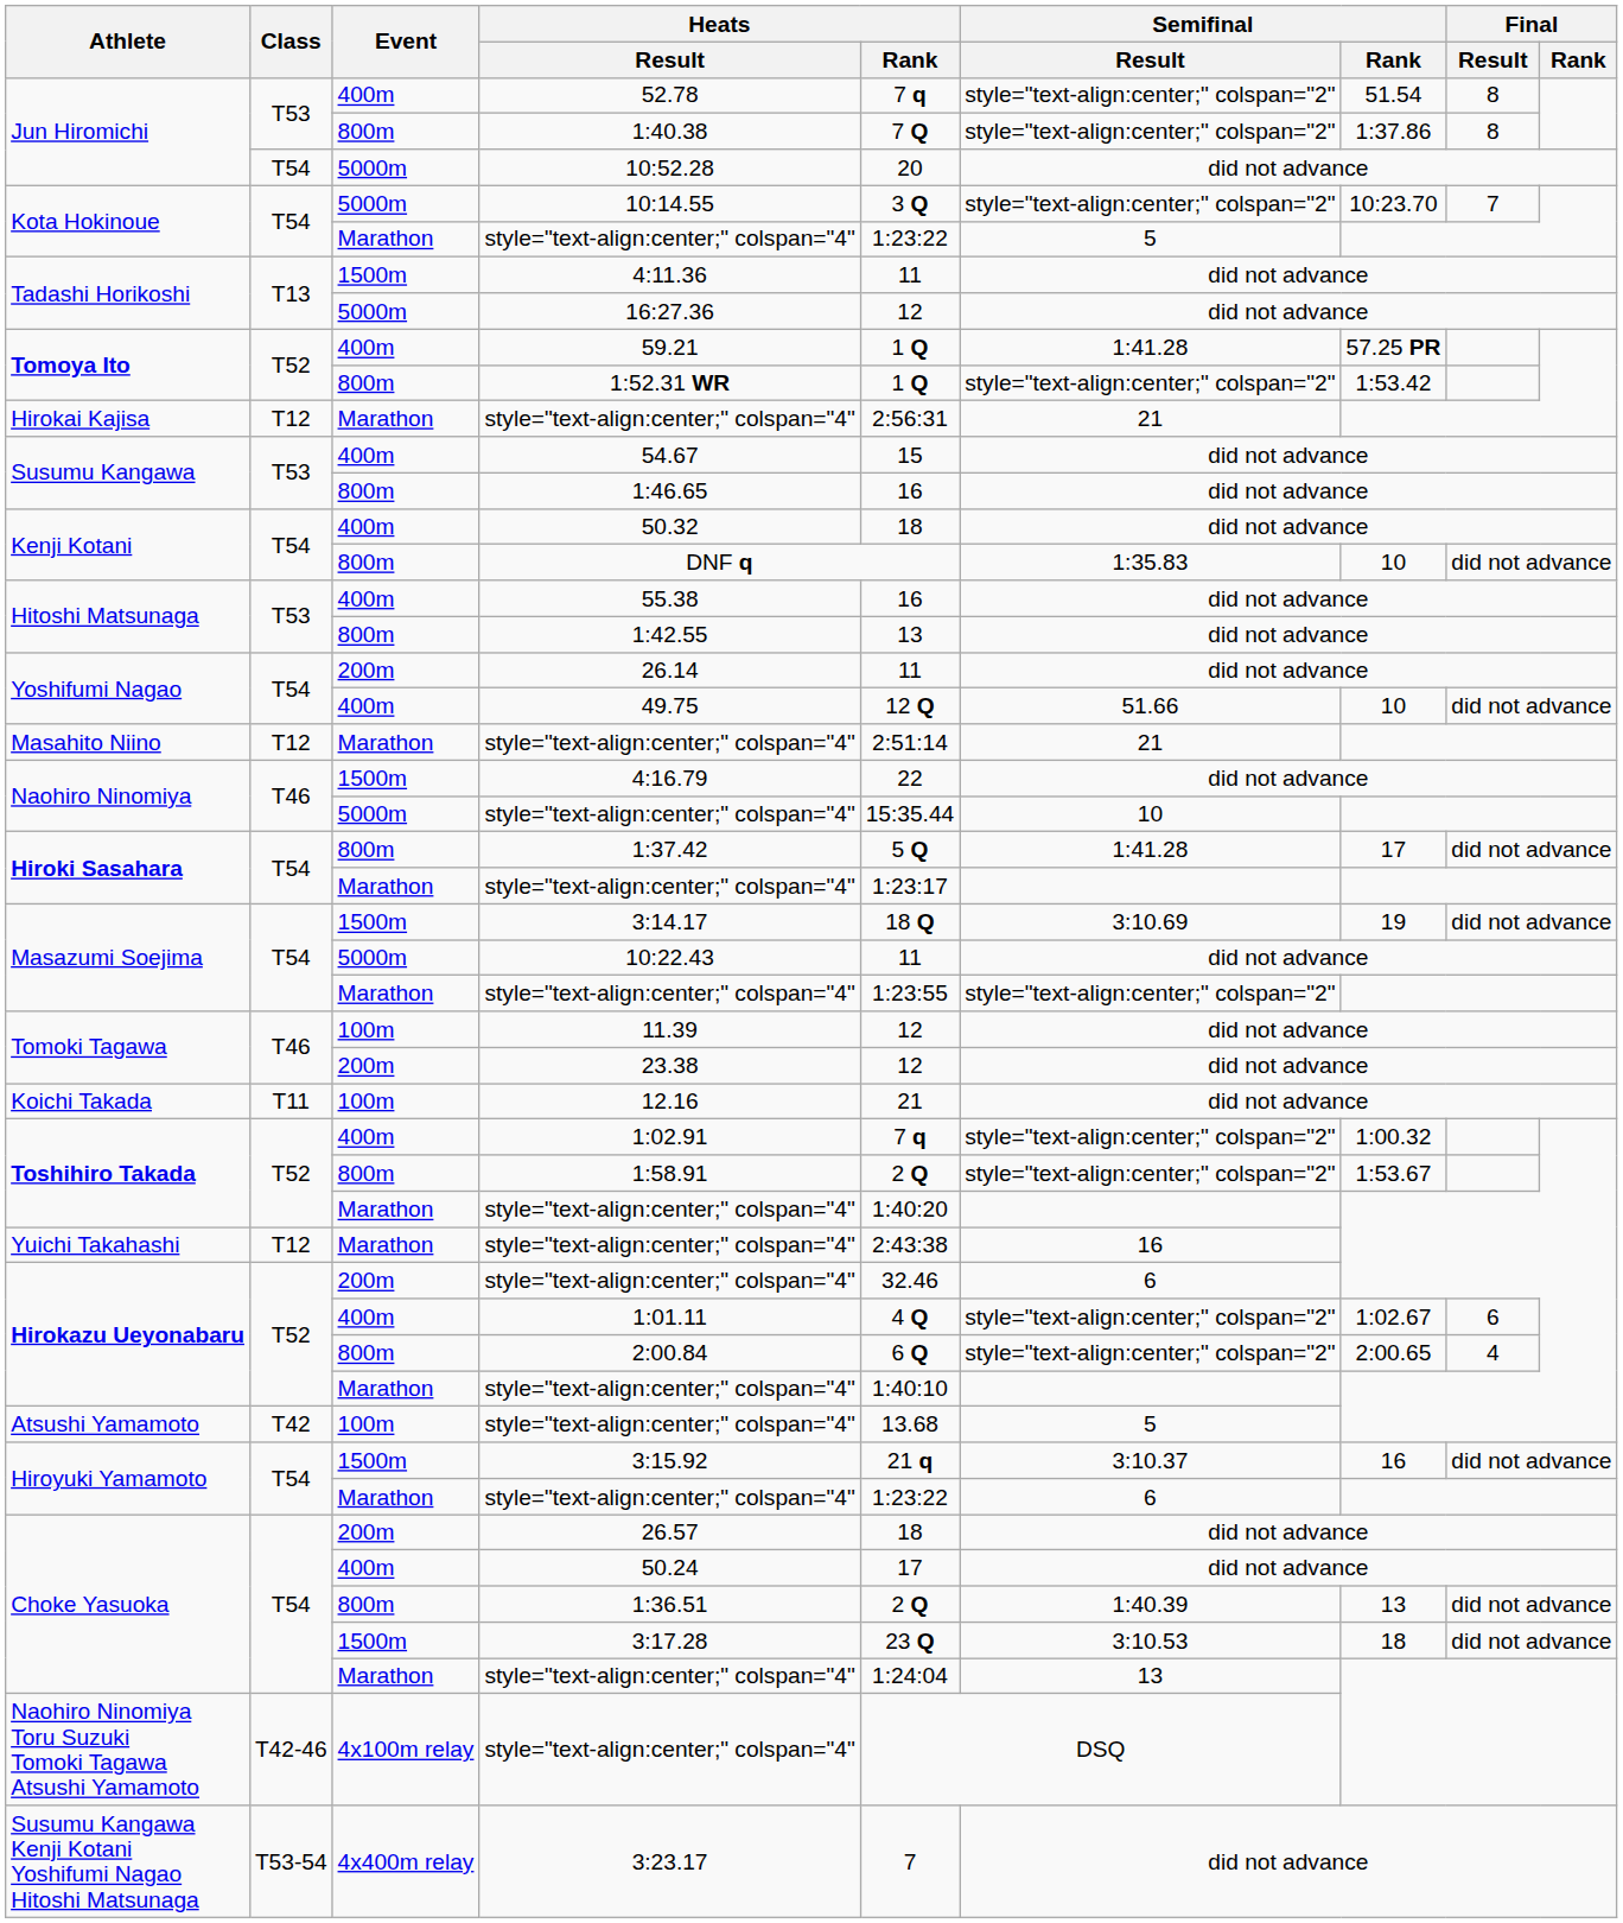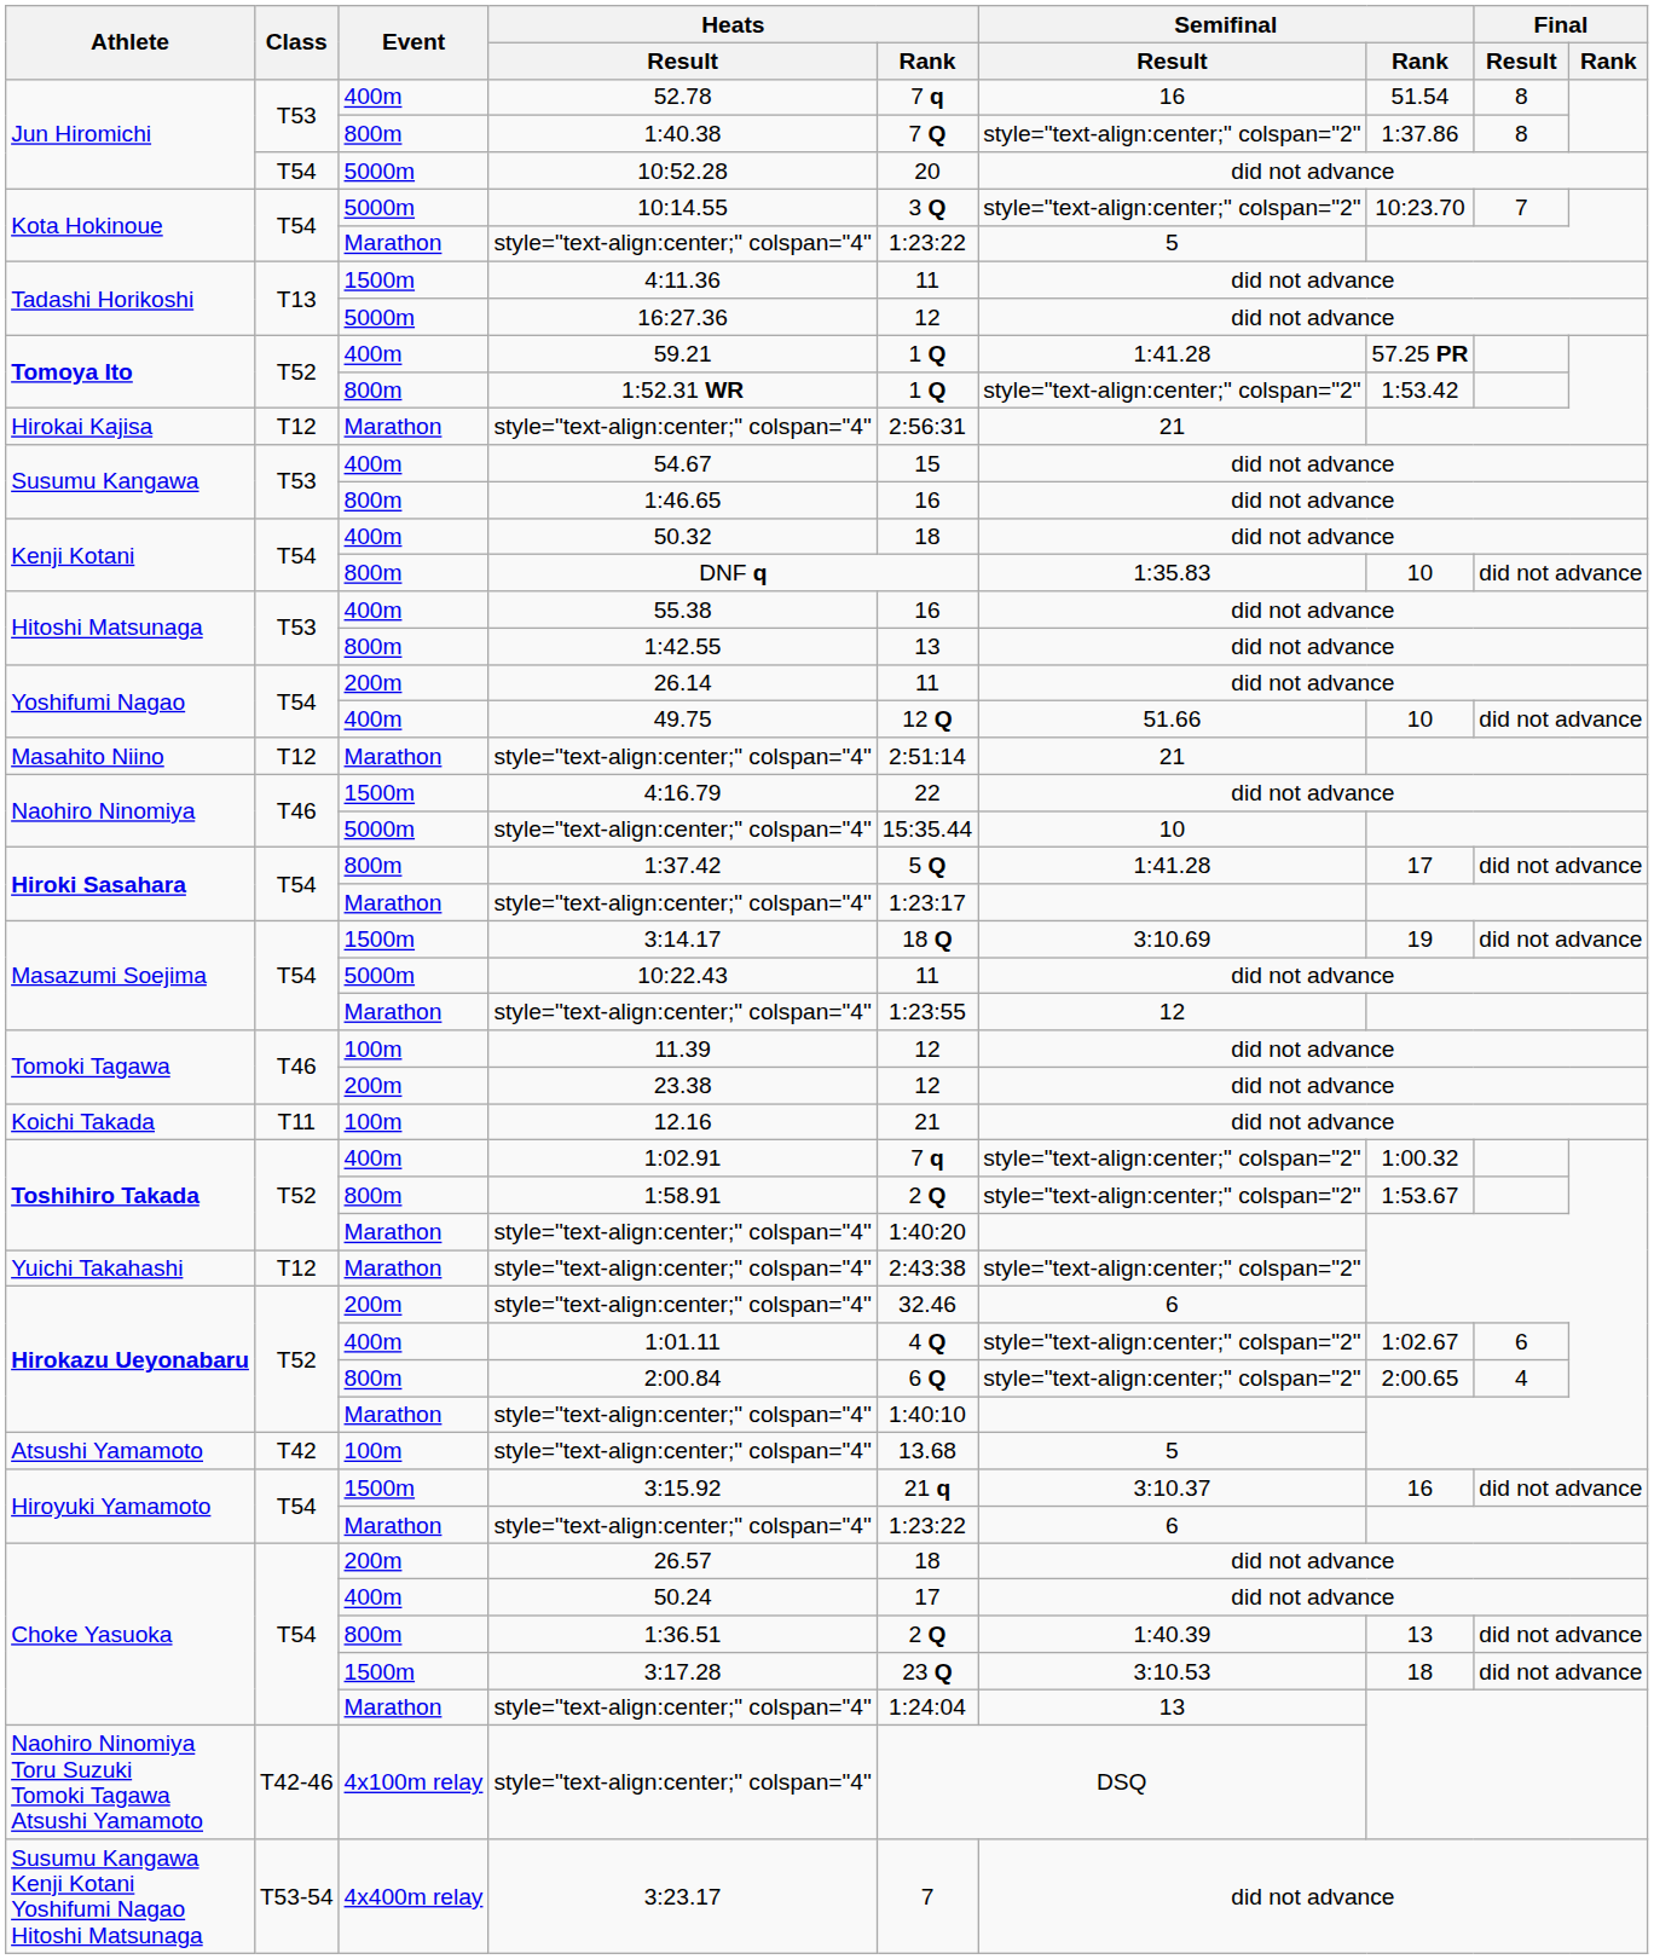 <table class=wikitable style="font-size:90%">
 <tr>
 <th rowspan="2">Athlete</th>
 <th rowspan="2">Class</th>
 <th rowspan="2">Event</th>
 <th colspan="2">Heats</th>
 <th colspan="2">Semifinal</th>
 <th colspan="2">Final</th>
 </tr>
 <tr>
 <th>Result</th>
 <th>Rank</th>
 <th>Result</th>
 <th>Rank</th>
 <th>Result</th>
 <th>Rank</th>
 </tr>
 <tr>
 <td rowspan="3"><a href='#'>Jun Hiromichi</a></td>
 <td rowspan="2" style="text-align:center;">T53</td>
 <td><a href='#'>400m</a></td>
 <td style="text-align:center;">52.78</td>
 <td style="text-align:center;">7 <strong>q</strong></td>
-<td>style="text-align:center;" colspan="2" </td>
+<td style="text-align:center;">16</td>
 <td style="text-align:center;">51.54</td>
 <td style="text-align:center;">8</td>
 </tr>
 <tr>
 <td><a href='#'>800m</a></td>
 <td style="text-align:center;">1:40.38</td>
 <td style="text-align:center;">7 <strong>Q</strong></td>
 <td>style="text-align:center;" colspan="2" </td>
 <td style="text-align:center;">1:37.86</td>
 <td style="text-align:center;">8</td>
 </tr>
 <tr>
 <td style="text-align:center;">T54</td>
 <td><a href='#'>5000m</a></td>
 <td style="text-align:center;">10:52.28</td>
 <td style="text-align:center;">20</td>
 <td style="text-align:center;" colspan="4">did not advance</td>
 </tr>
 <tr>
 <td rowspan="2"><a href='#'>Kota Hokinoue</a></td>
 <td rowspan="2" style="text-align:center;">T54</td>
 <td><a href='#'>5000m</a></td>
 <td style="text-align:center;">10:14.55</td>
 <td style="text-align:center;">3 <strong>Q</strong></td>
 <td>style="text-align:center;" colspan="2" </td>
 <td style="text-align:center;">10:23.70</td>
 <td style="text-align:center;">7</td>
 </tr>
 <tr>
 <td><a href='#'>Marathon</a></td>
 <td>style="text-align:center;" colspan="4" </td>
 <td style="text-align:center;">1:23:22</td>
 <td style="text-align:center;">5</td>
 </tr>
 <tr>
 <td rowspan="2"><a href='#'>Tadashi Horikoshi</a></td>
 <td rowspan="2" style="text-align:center;">T13</td>
 <td><a href='#'>1500m</a></td>
 <td style="text-align:center;">4:11.36</td>
 <td style="text-align:center;">11</td>
 <td style="text-align:center;" colspan="4">did not advance</td>
 </tr>
 <tr>
 <td><a href='#'>5000m</a></td>
 <td style="text-align:center;">16:27.36</td>
 <td style="text-align:center;">12</td>
 <td style="text-align:center;" colspan="4">did not advance</td>
 </tr>
 <tr>
 <td rowspan="2"><strong><a href='#'>Tomoya Ito</a></strong></td>
 <td rowspan="2" style="text-align:center;">T52</td>
 <td><a href='#'>400m</a></td>
 <td style="text-align:center;">59.21</td>
 <td style="text-align:center;">1 <strong>Q</strong></td>
 <td style="text-align:center;">1:41.28</td>
 <td style="text-align:center;">57.25 <strong>PR</strong></td>
 <td style="text-align:center;"></td>
 </tr>
 <tr>
 <td><a href='#'>800m</a></td>
 <td style="text-align:center;">1:52.31 <strong>WR</strong></td>
 <td style="text-align:center;">1 <strong>Q</strong></td>
 <td>style="text-align:center;" colspan="2" </td>
 <td style="text-align:center;">1:53.42</td>
 <td style="text-align:center;"></td>
 </tr>
 <tr>
 <td><a href='#'>Hirokai Kajisa</a></td>
 <td style="text-align:center;">T12</td>
 <td><a href='#'>Marathon</a></td>
 <td>style="text-align:center;" colspan="4" </td>
 <td style="text-align:center;">2:56:31</td>
 <td style="text-align:center;">21</td>
 </tr>
 <tr>
 <td rowspan="2"><a href='#'>Susumu Kangawa</a></td>
 <td rowspan="2" style="text-align:center;">T53</td>
 <td><a href='#'>400m</a></td>
 <td style="text-align:center;">54.67</td>
 <td style="text-align:center;">15</td>
 <td style="text-align:center;" colspan="4">did not advance</td>
 </tr>
 <tr>
 <td><a href='#'>800m</a></td>
 <td style="text-align:center;">1:46.65</td>
 <td style="text-align:center;">16</td>
 <td style="text-align:center;" colspan="4">did not advance</td>
 </tr>
 <tr>
 <td rowspan="2"><a href='#'>Kenji Kotani</a></td>
 <td rowspan="2" style="text-align:center;">T54</td>
 <td><a href='#'>400m</a></td>
 <td style="text-align:center;">50.32</td>
 <td style="text-align:center;">18</td>
 <td style="text-align:center;" colspan="4">did not advance</td>
 </tr>
 <tr>
 <td><a href='#'>800m</a></td>
 <td style="text-align:center;" colspan="2">DNF <strong>q</strong></td>
 <td style="text-align:center;">1:35.83</td>
 <td style="text-align:center;">10</td>
 <td style="text-align:center;" colspan="2">did not advance</td>
 </tr>
 <tr>
 <td rowspan="2"><a href='#'>Hitoshi Matsunaga</a></td>
 <td rowspan="2" style="text-align:center;">T53</td>
 <td><a href='#'>400m</a></td>
 <td style="text-align:center;">55.38</td>
 <td style="text-align:center;">16</td>
 <td style="text-align:center;" colspan="4">did not advance</td>
 </tr>
 <tr>
 <td><a href='#'>800m</a></td>
 <td style="text-align:center;">1:42.55</td>
 <td style="text-align:center;">13</td>
 <td style="text-align:center;" colspan="4">did not advance</td>
 </tr>
 <tr>
 <td rowspan="2"><a href='#'>Yoshifumi Nagao</a></td>
 <td rowspan="2" style="text-align:center;">T54</td>
 <td><a href='#'>200m</a></td>
 <td style="text-align:center;">26.14</td>
 <td style="text-align:center;">11</td>
 <td style="text-align:center;" colspan="4">did not advance</td>
 </tr>
 <tr>
 <td><a href='#'>400m</a></td>
 <td style="text-align:center;">49.75</td>
 <td style="text-align:center;">12 <strong>Q</strong></td>
 <td style="text-align:center;">51.66</td>
 <td style="text-align:center;">10</td>
 <td style="text-align:center;" colspan="2">did not advance</td>
 </tr>
 <tr>
 <td><a href='#'>Masahito Niino</a></td>
 <td style="text-align:center;">T12</td>
 <td><a href='#'>Marathon</a></td>
 <td>style="text-align:center;" colspan="4" </td>
 <td style="text-align:center;">2:51:14</td>
 <td style="text-align:center;">21</td>
 </tr>
 <tr>
 <td rowspan="2"><a href='#'>Naohiro Ninomiya</a></td>
 <td rowspan="2" style="text-align:center;">T46</td>
 <td><a href='#'>1500m</a></td>
 <td style="text-align:center;">4:16.79</td>
 <td style="text-align:center;">22</td>
 <td style="text-align:center;" colspan="4">did not advance</td>
 </tr>
 <tr>
 <td><a href='#'>5000m</a></td>
 <td>style="text-align:center;" colspan="4" </td>
 <td style="text-align:center;">15:35.44</td>
 <td style="text-align:center;">10</td>
 </tr>
 <tr>
 <td rowspan="2"><strong><a href='#'>Hiroki Sasahara</a></strong></td>
 <td rowspan="2" style="text-align:center;">T54</td>
 <td><a href='#'>800m</a></td>
 <td style="text-align:center;">1:37.42</td>
 <td style="text-align:center;">5 <strong>Q</strong></td>
 <td style="text-align:center;">1:41.28</td>
 <td style="text-align:center;">17</td>
 <td style="text-align:center;" colspan="2">did not advance</td>
 </tr>
 <tr>
 <td><a href='#'>Marathon</a></td>
 <td>style="text-align:center;" colspan="4" </td>
 <td style="text-align:center;">1:23:17</td>
 <td style="text-align:center;"></td>
 </tr>
 <tr>
 <td rowspan="3"><a href='#'>Masazumi Soejima</a></td>
 <td rowspan="3" style="text-align:center;">T54</td>
 <td><a href='#'>1500m</a></td>
 <td style="text-align:center;">3:14.17</td>
 <td style="text-align:center;">18 <strong>Q</strong></td>
 <td style="text-align:center;">3:10.69</td>
 <td style="text-align:center;">19</td>
 <td style="text-align:center;" colspan="2">did not advance</td>
 </tr>
 <tr>
 <td><a href='#'>5000m</a></td>
 <td style="text-align:center;">10:22.43</td>
 <td style="text-align:center;">11</td>
 <td style="text-align:center;" colspan="4">did not advance</td>
 </tr>
 <tr>
 <td><a href='#'>Marathon</a></td>
 <td>style="text-align:center;" colspan="4" </td>
 <td style="text-align:center;">1:23:55</td>
-<td>style="text-align:center;" colspan="2" </td>
+<td style="text-align:center;">12</td>
 </tr>
 <tr>
 <td rowspan="2"><a href='#'>Tomoki Tagawa</a></td>
 <td rowspan="2" style="text-align:center;">T46</td>
 <td><a href='#'>100m</a></td>
 <td style="text-align:center;">11.39</td>
 <td style="text-align:center;">12</td>
 <td style="text-align:center;" colspan="4">did not advance</td>
 </tr>
 <tr>
 <td><a href='#'>200m</a></td>
 <td style="text-align:center;">23.38</td>
 <td style="text-align:center;">12</td>
 <td style="text-align:center;" colspan="4">did not advance</td>
 </tr>
 <tr>
 <td><a href='#'>Koichi Takada</a></td>
 <td style="text-align:center;">T11</td>
 <td><a href='#'>100m</a></td>
 <td style="text-align:center;">12.16</td>
 <td style="text-align:center;">21</td>
 <td style="text-align:center;" colspan="4">did not advance</td>
 </tr>
 <tr>
 <td rowspan="3"><strong><a href='#'>Toshihiro Takada</a></strong></td>
 <td rowspan="3" style="text-align:center;">T52</td>
 <td><a href='#'>400m</a></td>
 <td style="text-align:center;">1:02.91</td>
 <td style="text-align:center;">7 <strong>q</strong></td>
 <td>style="text-align:center;" colspan="2" </td>
 <td style="text-align:center;">1:00.32</td>
 <td style="text-align:center;"></td>
 </tr>
 <tr>
 <td><a href='#'>800m</a></td>
 <td style="text-align:center;">1:58.91</td>
 <td style="text-align:center;">2 <strong>Q</strong></td>
 <td>style="text-align:center;" colspan="2" </td>
 <td style="text-align:center;">1:53.67</td>
 <td style="text-align:center;"></td>
 </tr>
 <tr>
 <td><a href='#'>Marathon</a></td>
 <td>style="text-align:center;" colspan="4" </td>
 <td style="text-align:center;">1:40:20</td>
 <td style="text-align:center;"></td>
 </tr>
 <tr>
 <td><a href='#'>Yuichi Takahashi</a></td>
 <td style="text-align:center;">T12</td>
 <td><a href='#'>Marathon</a></td>
 <td>style="text-align:center;" colspan="4" </td>
 <td style="text-align:center;">2:43:38</td>
-<td style="text-align:center;">16</td>
+<td>style="text-align:center;" colspan="2" </td>
 </tr>
 <tr>
 <td rowspan="4"><strong><a href='#'>Hirokazu Ueyonabaru</a></strong></td>
 <td rowspan="4" style="text-align:center;">T52</td>
 <td><a href='#'>200m</a></td>
 <td>style="text-align:center;" colspan="4" </td>
 <td style="text-align:center;">32.46</td>
 <td style="text-align:center;">6</td>
 </tr>
 <tr>
 <td><a href='#'>400m</a></td>
 <td style="text-align:center;">1:01.11</td>
 <td style="text-align:center;">4 <strong>Q</strong></td>
 <td>style="text-align:center;" colspan="2" </td>
 <td style="text-align:center;">1:02.67</td>
 <td style="text-align:center;">6</td>
 </tr>
 <tr>
 <td><a href='#'>800m</a></td>
 <td style="text-align:center;">2:00.84</td>
 <td style="text-align:center;">6 <strong>Q</strong></td>
 <td>style="text-align:center;" colspan="2" </td>
 <td style="text-align:center;">2:00.65</td>
 <td style="text-align:center;">4</td>
 </tr>
 <tr>
 <td><a href='#'>Marathon</a></td>
 <td>style="text-align:center;" colspan="4" </td>
 <td style="text-align:center;">1:40:10</td>
 <td style="text-align:center;"></td>
 </tr>
 <tr>
 <td><a href='#'>Atsushi Yamamoto</a></td>
 <td style="text-align:center;">T42</td>
 <td><a href='#'>100m</a></td>
 <td>style="text-align:center;" colspan="4" </td>
 <td style="text-align:center;">13.68</td>
 <td style="text-align:center;">5</td>
 </tr>
 <tr>
 <td rowspan="2"><a href='#'>Hiroyuki Yamamoto</a></td>
 <td rowspan="2" style="text-align:center;">T54</td>
 <td><a href='#'>1500m</a></td>
 <td style="text-align:center;">3:15.92</td>
 <td style="text-align:center;">21 <strong>q</strong></td>
 <td style="text-align:center;">3:10.37</td>
 <td style="text-align:center;">16</td>
 <td style="text-align:center;" colspan="2">did not advance</td>
 </tr>
 <tr>
 <td><a href='#'>Marathon</a></td>
 <td>style="text-align:center;" colspan="4" </td>
 <td style="text-align:center;">1:23:22</td>
 <td style="text-align:center;">6</td>
 </tr>
 <tr>
 <td rowspan="5"><a href='#'>Choke Yasuoka</a></td>
 <td rowspan="5" style="text-align:center;">T54</td>
 <td><a href='#'>200m</a></td>
 <td style="text-align:center;">26.57</td>
 <td style="text-align:center;">18</td>
 <td style="text-align:center;" colspan="4">did not advance</td>
 </tr>
 <tr>
 <td><a href='#'>400m</a></td>
 <td style="text-align:center;">50.24</td>
 <td style="text-align:center;">17</td>
 <td style="text-align:center;" colspan="4">did not advance</td>
 </tr>
 <tr>
 <td><a href='#'>800m</a></td>
 <td style="text-align:center;">1:36.51</td>
 <td style="text-align:center;">2 <strong>Q</strong></td>
 <td style="text-align:center;">1:40.39</td>
 <td style="text-align:center;">13</td>
 <td style="text-align:center;" colspan="2">did not advance</td>
 </tr>
 <tr>
 <td><a href='#'>1500m</a></td>
 <td style="text-align:center;">3:17.28</td>
 <td style="text-align:center;">23 <strong>Q</strong></td>
 <td style="text-align:center;">3:10.53</td>
 <td style="text-align:center;">18</td>
 <td style="text-align:center;" colspan="2">did not advance</td>
 </tr>
 <tr>
 <td><a href='#'>Marathon</a></td>
 <td>style="text-align:center;" colspan="4" </td>
 <td style="text-align:center;">1:24:04</td>
 <td style="text-align:center;">13</td>
 </tr>
 <tr>
 <td><a href='#'>Naohiro Ninomiya</a><br> <a href='#'>Toru Suzuki</a><br> <a href='#'>Tomoki Tagawa</a><br> <a href='#'>Atsushi Yamamoto</a></td>
 <td style="text-align:center;">T42-46</td>
 <td><a href='#'>4x100m relay</a></td>
 <td>style="text-align:center;" colspan="4" </td>
 <td style="text-align:center;" colspan="2">DSQ</td>
 </tr>
 <tr>
 <td><a href='#'>Susumu Kangawa</a><br> <a href='#'>Kenji Kotani</a><br> <a href='#'>Yoshifumi Nagao</a><br> <a href='#'>Hitoshi Matsunaga</a></td>
 <td style="text-align:center;">T53-54</td>
 <td><a href='#'>4x400m relay</a></td>
 <td style="text-align:center;">3:23.17</td>
 <td style="text-align:center;">7</td>
 <td style="text-align:center;" colspan="4">did not advance</td>
 </tr>
 </table>
